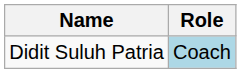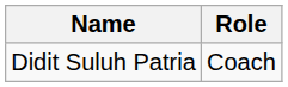 <table class="wikitable">
 <tr>
 <th>Name</th>
 <th>Role</th>
 </tr>
 <tr>
 <td> Didit Suluh Patria</td>
-<td style="background: lightblue;">Coach</td>
+<td>Coach</td>
 </tr>
 </table>
